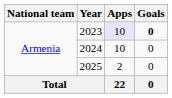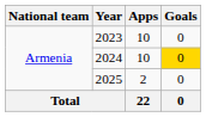 <table class="wikitable" style="text-align:center">
 <tr>
 <th>National team</th>
 <th>Year</th>
 <th>Apps</th>
 <th>Goals</th>
 </tr>
 <tr>
 <td rowspan="3"><a href='#'>Armenia</a></td>
 <td>2023</td>
-<td style="background: lavender;">10</td>
-<td><strong>0</strong></td>
+<td>10</td>
+<td>0</td>
 </tr>
 <tr>
 <td>2024</td>
 <td>10</td>
-<td>0</td>
+<td style="background: gold;">0</td>
 </tr>
 <tr>
 <td>2025</td>
 <td>2</td>
 <td>0</td>
 </tr>
 <tr>
 <th colspan="2">Total</th>
 <th>22</th>
 <th>0</th>
 </tr>
 </table>
